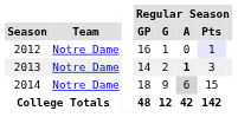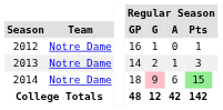 <table border="0" cellpadding="3" cellspacing="0">
 <tr align="center" bgcolor="#e0e0e0">
 <th colspan="2" bgcolor="#ffffff"> </th>
 <th rowspan="99" bgcolor="#ffffff"> </th>
 <th colspan="6">Regular Season</th>
 </tr>
 <tr align="center" bgcolor="#e0e0e0">
 <th>Season</th>
 <th>Team</th>
 <th>GP</th>
 <th>G</th>
 <th>A</th>
 <th>Pts</th>
 <th></th>
 </tr>
 <tr align="center">
 <td>2012</td>
 <td><a href='#'>Notre Dame</a></td>
 <td>16</td>
 <td>1</td>
 <td>0</td>
-<td style="background: lavender;">1</td>
+<td>1</td>
 <td></td>
 </tr>
 <tr align="center" bgcolor="#f0f0f0">
 <td>2013</td>
 <td><a href='#'>Notre Dame</a></td>
 <td>14</td>
 <td>2</td>
-<td><strong>1</strong></td>
+<td>1</td>
 <td>3</td>
 <td></td>
 </tr>
 <tr align="center">
 <td>2014</td>
 <td><a href='#'>Notre Dame</a></td>
 <td>18</td>
-<td>9</td>
-<td style="background: lightgrey;">6</td>
-<td>15</td>
+<td style="background: pink;">9</td>
+<td>6</td>
+<td style="background: lightgreen;">15</td>
 <td></td>
 </tr>
 <tr align="center">
 <th colspan="2">College Totals</th>
 <th>48</th>
 <th>12</th>
 <th>42</th>
 <th>142</th>
 <th></th>
 </tr>
 </table>
